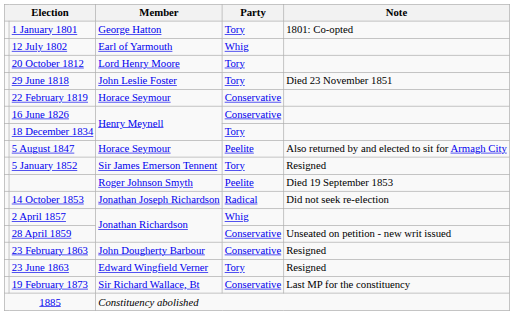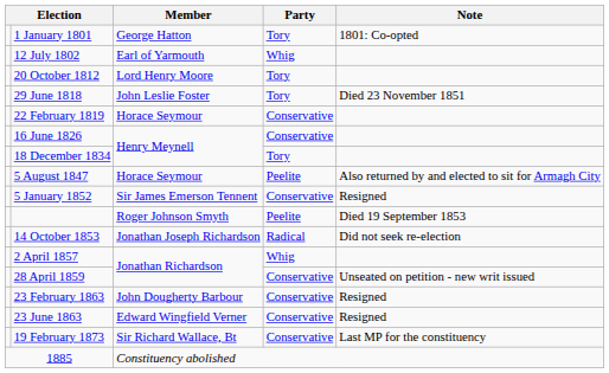 <table class="wikitable">
 <tr>
 <th colspan="2">Election</th>
 <th>Member</th>
 <th>Party</th>
 <th>Note</th>
 </tr>
 <tr>
 <td style="color:inherit;background-color: "></td>
 <td><a href='#'>1 January 1801</a></td>
 <td><a href='#'>George Hatton</a></td>
 <td><a href='#'>Tory</a></td>
 <td>1801: Co-opted</td>
 </tr>
 <tr>
 <td style="color:inherit;background-color: "></td>
 <td><a href='#'>12 July 1802</a></td>
 <td><a href='#'>Earl of Yarmouth</a></td>
 <td><a href='#'>Whig</a></td>
 <td></td>
 </tr>
 <tr>
 <td style="color:inherit;background-color: "></td>
 <td><a href='#'>20 October 1812</a></td>
 <td><a href='#'>Lord Henry Moore</a></td>
 <td><a href='#'>Tory</a></td>
 <td></td>
 </tr>
 <tr>
 <td style="color:inherit;background-color: "></td>
 <td><a href='#'>29 June 1818</a></td>
 <td><a href='#'>John Leslie Foster</a></td>
 <td><a href='#'>Tory</a></td>
 <td>Died 23 November 1851</td>
 </tr>
 <tr>
 <td style="color:inherit;background-color: "></td>
 <td><a href='#'>22 February 1819</a></td>
 <td><a href='#'>Horace Seymour</a></td>
 <td><a href='#'>Conservative</a></td>
 <td></td>
 </tr>
 <tr>
 <td style="color:inherit;background-color: "></td>
 <td><a href='#'>16 June 1826</a></td>
 <td rowspan="2"><a href='#'>Henry Meynell</a></td>
 <td><a href='#'>Conservative</a></td>
 <td></td>
 </tr>
 <tr>
 <td style="color:inherit;background-color: "></td>
 <td><a href='#'>18 December 1834</a></td>
 <td><a href='#'>Tory</a></td>
 <td></td>
 </tr>
 <tr>
 <td style="color:inherit;background-color: "></td>
 <td><a href='#'>5 August 1847</a></td>
 <td><a href='#'>Horace Seymour</a></td>
 <td><a href='#'>Peelite</a></td>
 <td>Also returned by and elected to sit for <a href='#'>Armagh City</a></td>
 </tr>
 <tr>
 <td style="color:inherit;background-color: "></td>
 <td><a href='#'>5 January 1852</a></td>
 <td><a href='#'>Sir James Emerson Tennent</a></td>
-<td><a href='#'>Tory</a></td>
+<td><a href='#'>Conservative</a></td>
 <td>Resigned</td>
 </tr>
 <tr>
 <td style="color:inherit;background-color: "></td>
 <td><a href='#'></a></td>
 <td><a href='#'>Roger Johnson Smyth</a></td>
 <td><a href='#'>Peelite</a></td>
 <td>Died 19 September 1853</td>
 </tr>
 <tr>
 <td style="color:inherit;background-color: "></td>
 <td><a href='#'>14 October 1853</a></td>
 <td><a href='#'>Jonathan Joseph Richardson</a></td>
 <td><a href='#'>Radical</a></td>
 <td>Did not seek re-election</td>
 </tr>
 <tr>
 <td style="color:inherit;background-color: "></td>
 <td><a href='#'>2 April 1857</a></td>
 <td rowspan=2><a href='#'>Jonathan Richardson</a></td>
 <td><a href='#'>Whig</a></td>
 <td></td>
 </tr>
 <tr>
 <td style="color:inherit;background-color: "></td>
 <td><a href='#'>28 April 1859</a></td>
 <td><a href='#'>Conservative</a></td>
 <td>Unseated on petition - new writ issued</td>
 </tr>
 <tr>
 <td style="color:inherit;background-color: "></td>
 <td><a href='#'>23 February 1863</a></td>
 <td><a href='#'>John Dougherty Barbour</a></td>
 <td><a href='#'>Conservative</a></td>
 <td>Resigned</td>
 </tr>
 <tr>
 <td style="color:inherit;background-color: "></td>
 <td><a href='#'>23 June 1863</a></td>
 <td><a href='#'>Edward Wingfield Verner</a></td>
-<td><a href='#'>Tory</a></td>
+<td><a href='#'>Conservative</a></td>
 <td>Resigned</td>
 </tr>
 <tr>
 <td style="color:inherit;background-color: "></td>
 <td><a href='#'>19 February 1873</a></td>
 <td><a href='#'>Sir Richard Wallace, Bt</a></td>
 <td><a href='#'>Conservative</a></td>
 <td>Last MP for the constituency</td>
 </tr>
 <tr>
 <td colspan="2" align="center"><a href='#'>1885</a></td>
 <td colspan="3"><em>Constituency abolished</em></td>
 </tr>
 </table>
